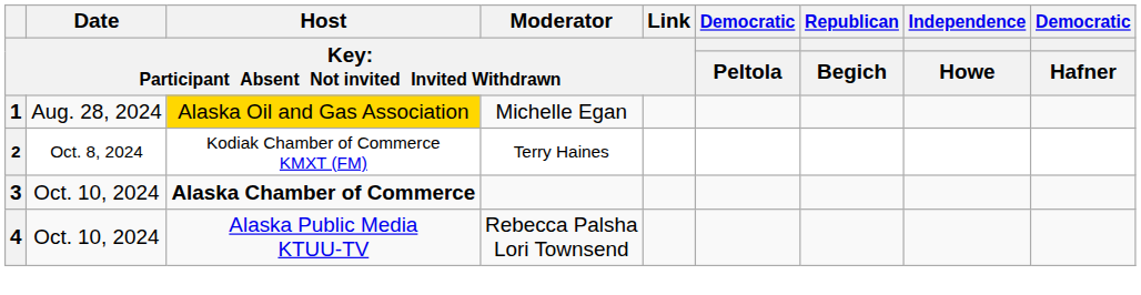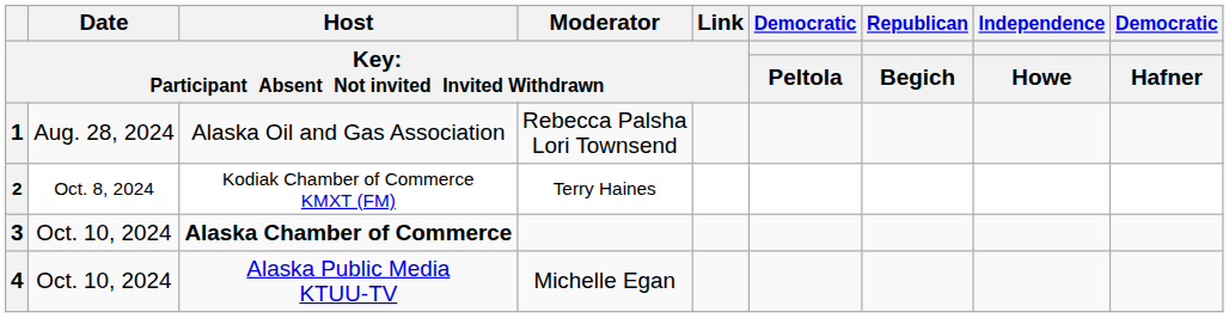 <table class="wikitable" style="text-align:center;">
 <tr>
 <th scope="col"></th>
 <th scope="col">Date</th>
 <th scope="col">Host</th>
 <th scope="col">Moderator</th>
 <th scope="col">Link</th>
 <th scope="col"><small><a href='#'>Democratic</a></small></th>
 <th scope="col"><small><a href='#'>Republican</a></small></th>
 <th scope="col"><small><a href='#'>Independence</a></small></th>
 <th scope="col"><small><a href='#'>Democratic</a></small></th>
 </tr>
 <tr>
 <th colspan="5" rowspan="2">Key:<br> <small>Participant </small>  <small>Absent </small>  <small>Not invited </small>  <small>Invited  Withdrawn</small></th>
 <th scope="col" style="background:"></th>
 <th scope="col" style="background:"></th>
 <th scope="col" style="background:"></th>
 <th scope="col" style="background:"></th>
 </tr>
 <tr>
 <th scope="col">Peltola</th>
 <th scope="col">Begich</th>
 <th scope="col">Howe</th>
 <th scope="col">Hafner</th>
 </tr>
 <tr>
 <th>1</th>
 <td style="white-space:nowrap;">Aug. 28, 2024</td>
-<td style="background: gold; white-space:nowrap;">Alaska Oil and Gas Association</td>
-<td style="white-space:nowrap;">Michelle Egan</td>
+<td style="white-space:nowrap;">Alaska Oil and Gas Association</td>
+<td style="white-space:nowrap;">Rebecca Palsha<br>Lori Townsend</td>
 <td style="white-space:nowrap;"></td>
 <td></td>
 <td></td>
 <td></td>
 <td></td>
 </tr>
 <tr style="background:#FFFFFF;font-size:small;">
 <th>2</th>
 <td>Oct. 8, 2024</td>
 <td>Kodiak Chamber of Commerce<br><a href='#'>KMXT (FM)</a></td>
 <td style="white-space:nowrap;">Terry Haines</td>
 <td style="white-space:nowrap;"></td>
 <td></td>
 <td></td>
 <td></td>
 <td></td>
 </tr>
 <tr>
 <th>3</th>
 <td style="white-space:nowrap;">Oct. 10, 2024</td>
 <td style="white-space:nowrap;"><strong>Alaska Chamber of Commerce</strong></td>
 <td style="white-space:nowrap;"></td>
 <td style="white-space:nowrap;"></td>
 <td></td>
 <td></td>
 <td></td>
 <td></td>
 </tr>
 <tr>
 <th>4</th>
 <td style="white-space:nowrap;">Oct. 10, 2024</td>
 <td style="white-space:nowrap;"><a href='#'>Alaska Public Media</a><br><a href='#'>KTUU-TV</a></td>
-<td style="white-space:nowrap;">Rebecca Palsha<br>Lori Townsend</td>
+<td style="white-space:nowrap;">Michelle Egan</td>
 <td style="white-space:nowrap;"></td>
 <td></td>
 <td></td>
 <td></td>
 <td></td>
 </tr>
 </table>
